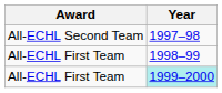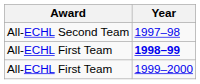 <table class="wikitable">
 <tr>
 <th>Award</th>
 <th>Year</th>
 </tr>
 <tr>
 <td>All-<a href='#'>ECHL</a> Second Team</td>
 <td><a href='#'>1997–98</a></td>
 </tr>
 <tr>
 <td>All-<a href='#'>ECHL</a> First Team</td>
-<td><a href='#'>1998–99</a></td>
+<td><strong><a href='#'>1998–99</a></strong></td>
 </tr>
 <tr>
 <td>All-<a href='#'>ECHL</a> First Team</td>
-<td style="background: paleturquoise;"><a href='#'>1999–2000</a></td>
+<td><a href='#'>1999–2000</a></td>
 </tr>
 </table>
